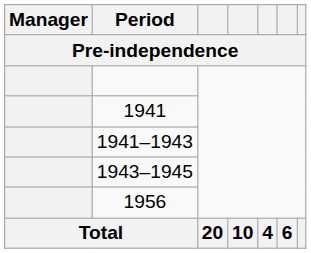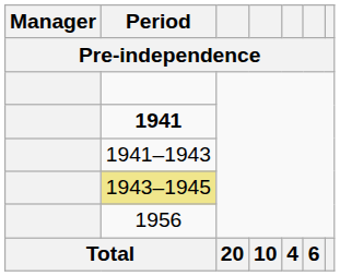 <table class="wikitable sortable plainrowheaders" cellpadding="3" style="text-align: center;">
 <tr>
 <th scope="col">Manager</th>
 <th scope="col">Period</th>
 <th></th>
 <th></th>
 <th></th>
 <th></th>
 <th></th>
 </tr>
 <tr>
 <th colspan="8">Pre-independence</th>
 </tr>
 <tr>
 <th scope="row" style="text-align: left;"> </th>
 <td><br></td>
 </tr>
 <tr>
 <th scope="row" style="text-align: left;"> </th>
-<td>1941<br></td>
+<td><strong>1941<br></strong></td>
 </tr>
 <tr>
 <th scope="row" style="text-align: left;"> </th>
 <td>1941–1943<br></td>
 </tr>
 <tr>
 <th scope="row" style="text-align: left;"> </th>
-<td>1943–1945<br></td>
+<td style="background: khaki;">1943–1945<br></td>
 </tr>
 <tr>
 <th scope="row" style="text-align: left;"> </th>
 <td>1956<br></td>
 </tr>
 <tr>
 <th colspan=2>Total</th>
 <th>20</th>
 <th>10</th>
 <th>4</th>
 <th>6</th>
 <th></th>
 </tr>
 </table>
